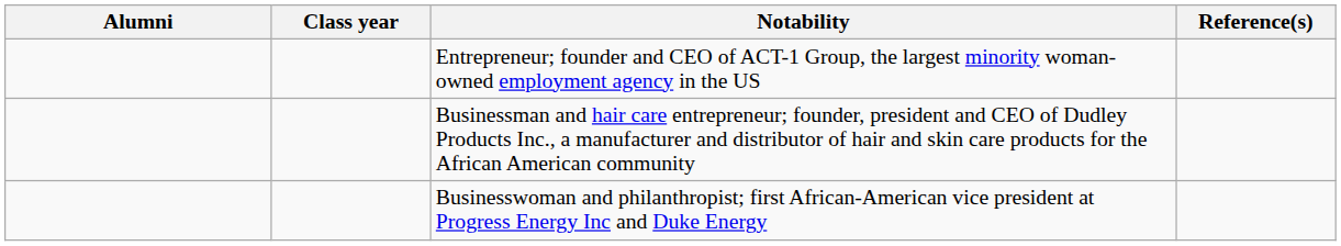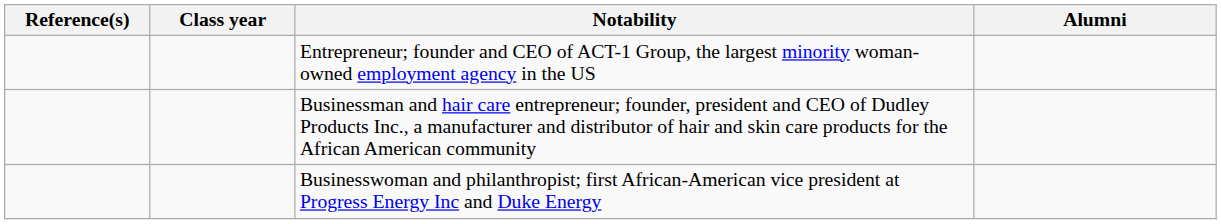 <table class="wikitable sortable" style="width:78%;">
 <tr valign="top">
-<th style="width:20%;">Alumni</th>
+<th style="width:12%;" class="unsortable">Reference(s)</th>
 <th style="width:12%;">Class year</th>
 <th style="width:56%;" class="unsortable">Notability</th>
-<th style="width:12%;" class="unsortable">Reference(s)</th>
+<th style="width:20%;">Alumni</th>
 </tr>
 <tr valign="top">
 <td></td>
 <td></td>
 <td>Entrepreneur; founder and CEO of ACT-1 Group, the largest <a href='#'>minority</a> woman-owned <a href='#'>employment agency</a> in the US</td>
 <td></td>
 </tr>
 <tr>
 <td></td>
 <td></td>
 <td>Businessman and <a href='#'>hair care</a> entrepreneur; founder, president and CEO of Dudley Products Inc., a manufacturer and distributor of hair and skin care products for the African American community</td>
 <td></td>
 </tr>
 <tr>
 <td></td>
 <td></td>
 <td>Businesswoman and philanthropist; first African-American vice president at <a href='#'>Progress Energy Inc</a> and <a href='#'>Duke Energy</a></td>
 <td></td>
 </tr>
 </table>
